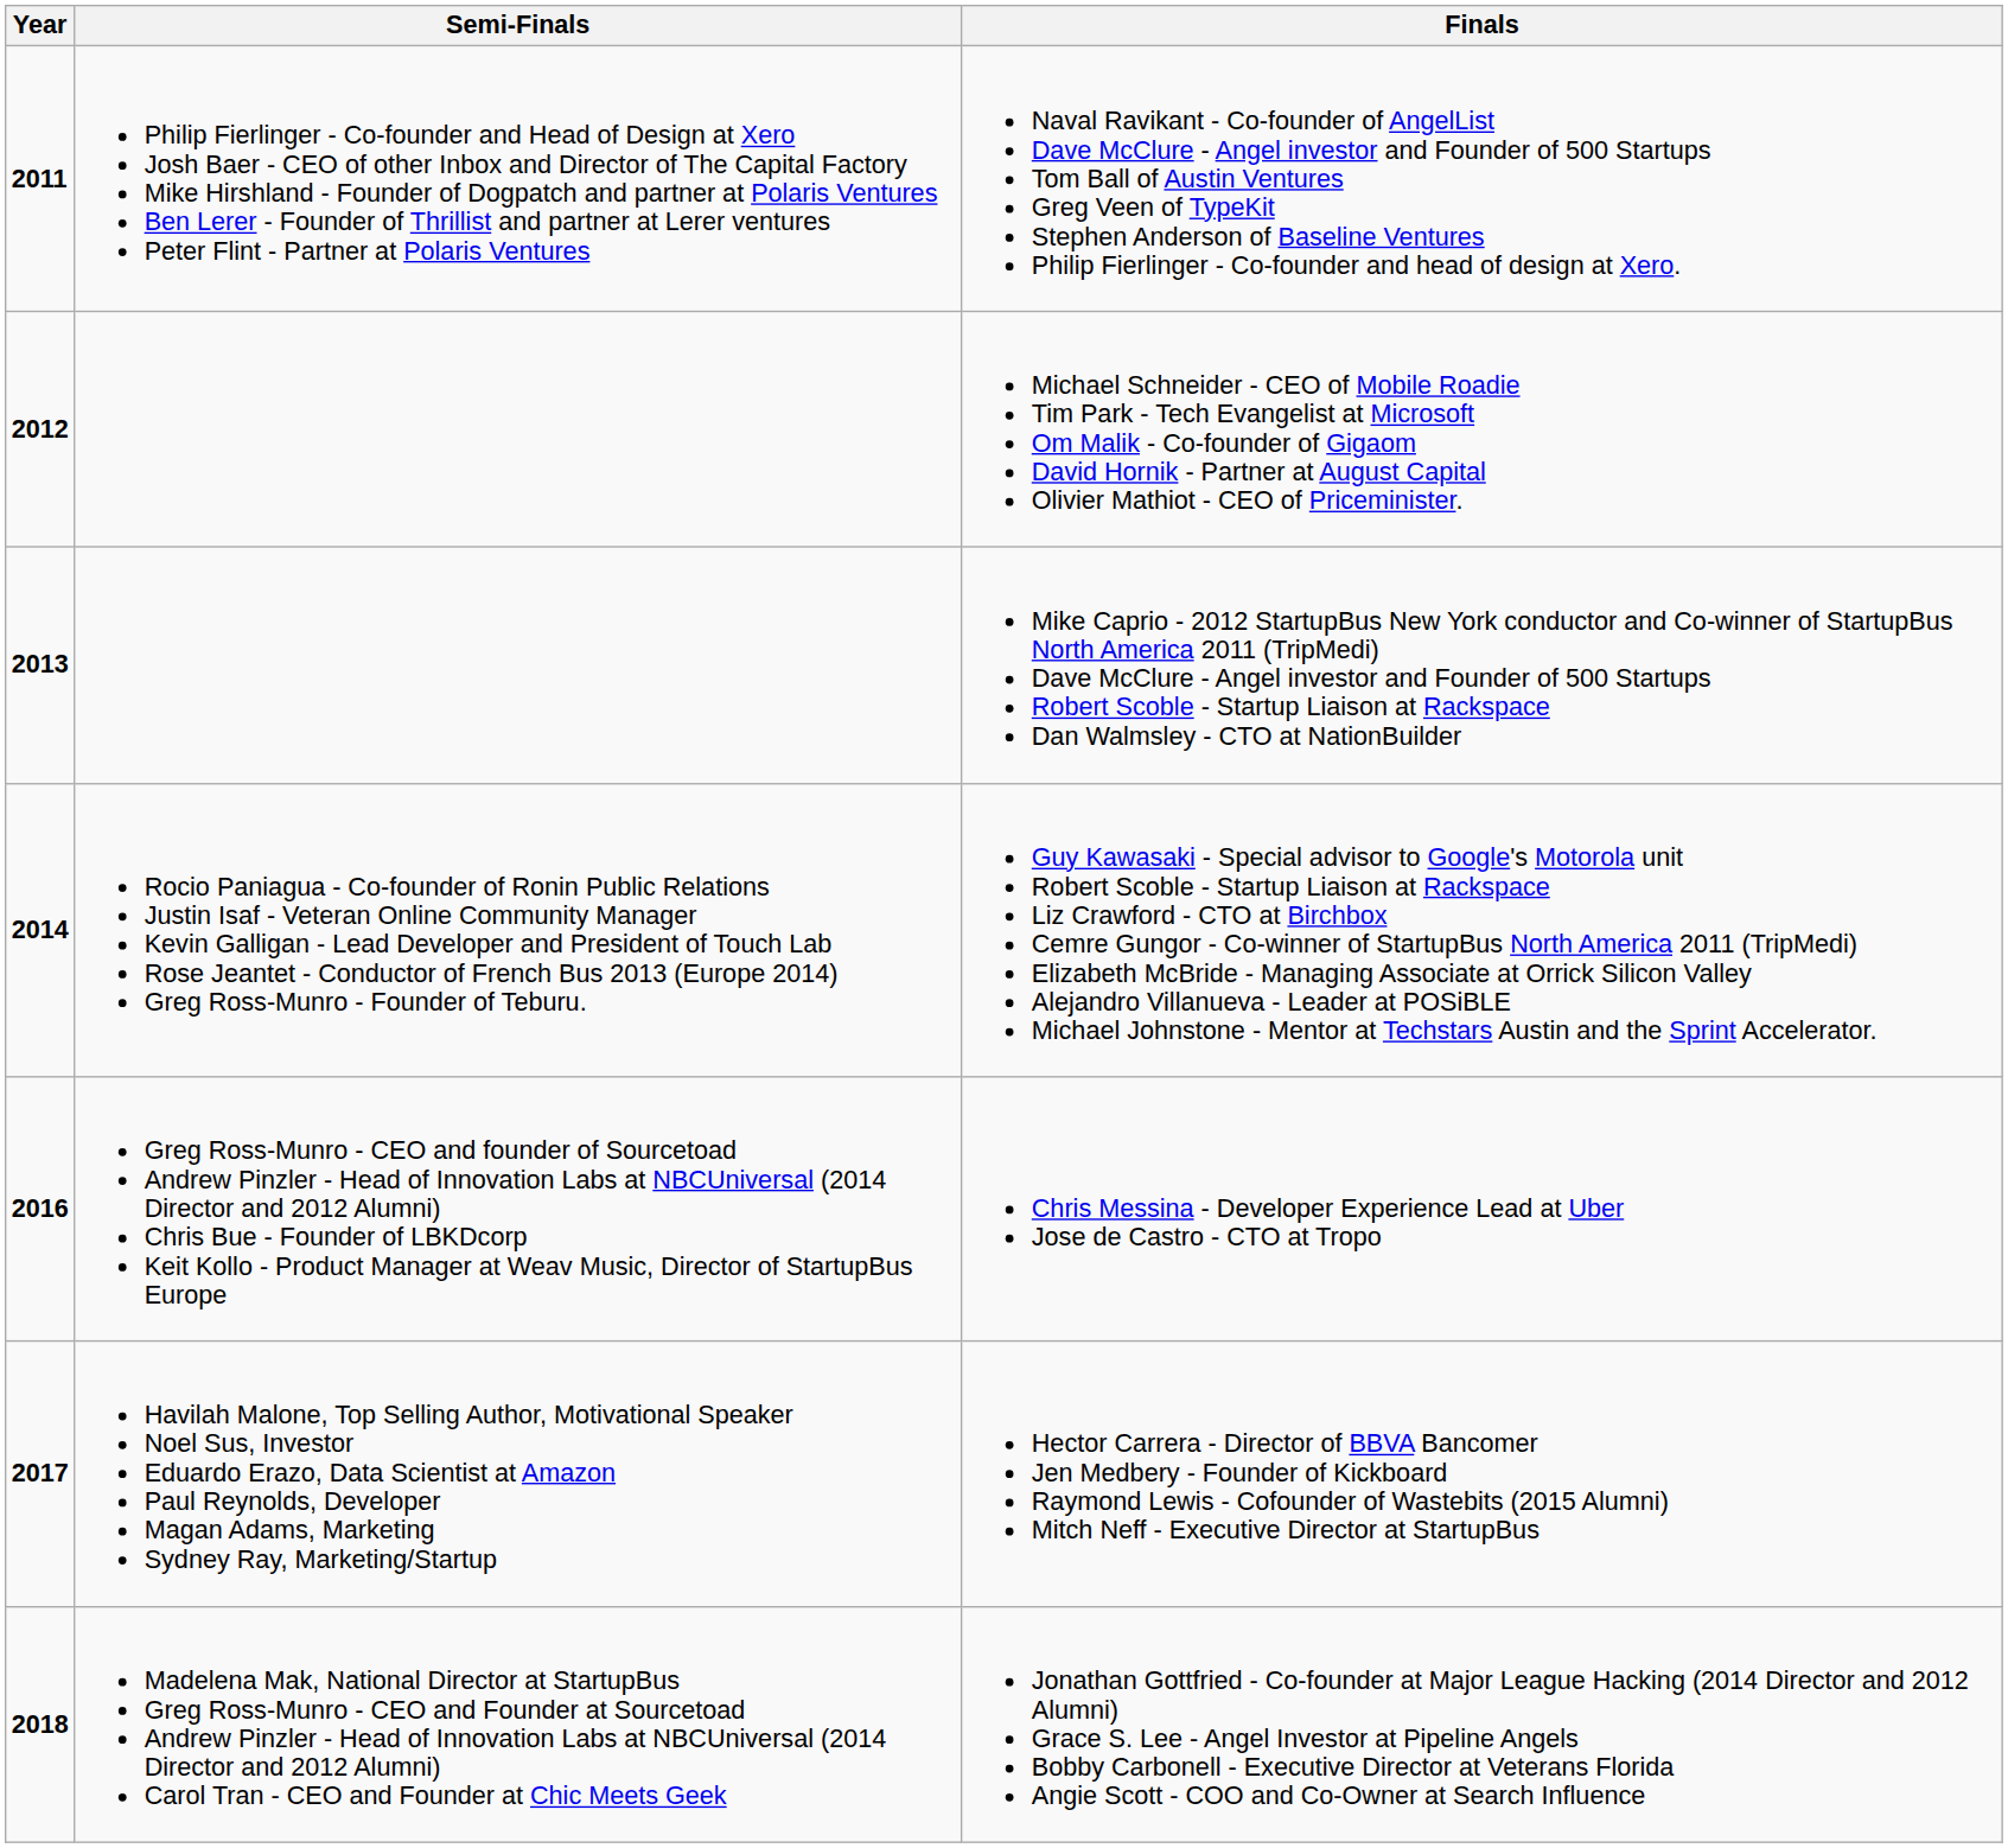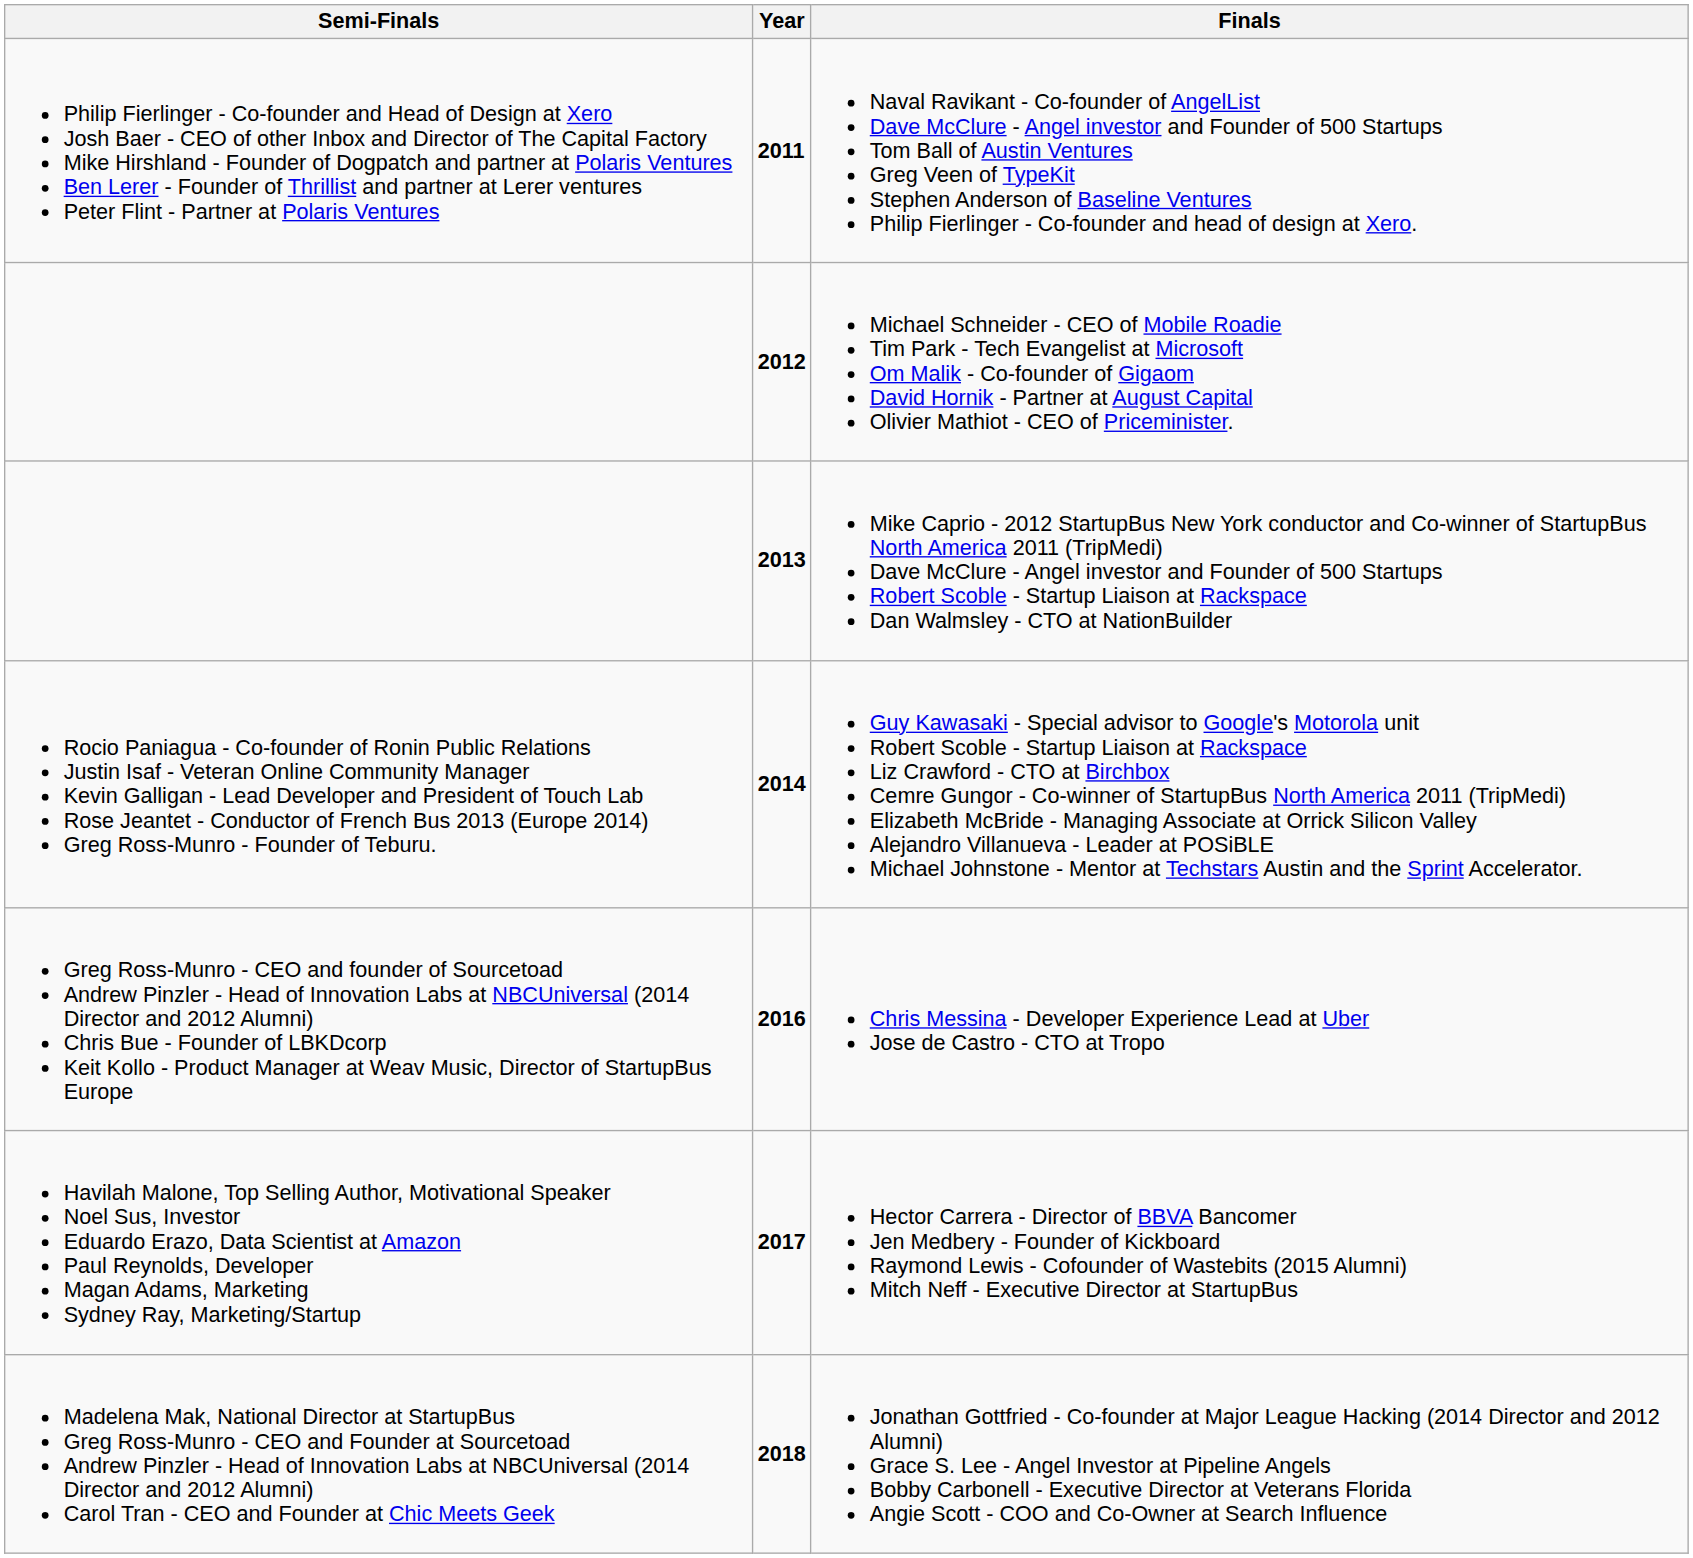 <table class="wikitable">
 <tr>
+<th>Semi-Finals</th>
 <th>Year</th>
-<th>Semi-Finals</th>
 <th>Finals</th>
 </tr>
 <tr>
+<td><br><ul><li>Philip Fierlinger - Co-founder and Head of Design at <a href='#'>Xero</a></li><li>Josh Baer - CEO of other Inbox and Director of The Capital Factory</li><li>Mike Hirshland - Founder of Dogpatch and partner at <a href='#'>Polaris Ventures</a></li><li><a href='#'>Ben Lerer</a> - Founder of <a href='#'>Thrillist</a> and partner at Lerer ventures</li><li>Peter Flint - Partner at <a href='#'>Polaris Ventures</a></li></ul></td>
 <td><strong>2011</strong></td>
-<td><br><ul><li>Philip Fierlinger - Co-founder and Head of Design at <a href='#'>Xero</a></li><li>Josh Baer - CEO of other Inbox and Director of The Capital Factory</li><li>Mike Hirshland - Founder of Dogpatch and partner at <a href='#'>Polaris Ventures</a></li><li><a href='#'>Ben Lerer</a> - Founder of <a href='#'>Thrillist</a> and partner at Lerer ventures</li><li>Peter Flint - Partner at <a href='#'>Polaris Ventures</a></li></ul></td>
 <td><br><ul><li>Naval Ravikant - Co-founder of <a href='#'>AngelList</a></li><li><a href='#'>Dave McClure</a> - <a href='#'>Angel investor</a> and Founder of 500 Startups</li><li>Tom Ball of <a href='#'>Austin Ventures</a></li><li>Greg Veen of <a href='#'>TypeKit</a></li><li>Stephen Anderson of <a href='#'>Baseline Ventures</a></li><li>Philip Fierlinger - Co-founder and head of design at <a href='#'>Xero</a>.</li></ul></td>
 </tr>
 <tr>
+<td></td>
 <td><strong>2012</strong></td>
-<td></td>
 <td><br><ul><li>Michael Schneider - CEO of <a href='#'>Mobile Roadie</a></li><li>Tim Park - Tech Evangelist at <a href='#'>Microsoft</a></li><li><a href='#'>Om Malik</a> - Co-founder of <a href='#'>Gigaom</a></li><li><a href='#'>David Hornik</a> - Partner at <a href='#'>August Capital</a></li><li>Olivier Mathiot - CEO of <a href='#'>Priceminister</a>.</li></ul></td>
 </tr>
 <tr>
+<td></td>
 <td><strong>2013</strong></td>
-<td></td>
 <td><br><ul><li>Mike Caprio - 2012 StartupBus New York conductor and Co-winner of StartupBus <a href='#'>North America</a> 2011 (TripMedi)</li><li>Dave McClure - Angel investor and Founder of 500 Startups</li><li><a href='#'>Robert Scoble</a> - Startup Liaison at <a href='#'>Rackspace</a></li><li>Dan Walmsley - CTO at NationBuilder</li></ul></td>
 </tr>
 <tr>
+<td><br><ul><li>Rocio Paniagua - Co-founder of Ronin Public Relations</li><li>Justin Isaf - Veteran Online Community Manager</li><li>Kevin Galligan - Lead Developer and President of Touch Lab</li><li>Rose Jeantet - Conductor of French Bus 2013 (Europe 2014)</li><li>Greg Ross-Munro - Founder of Teburu.</li></ul></td>
 <td><strong>2014</strong></td>
-<td><br><ul><li>Rocio Paniagua - Co-founder of Ronin Public Relations</li><li>Justin Isaf - Veteran Online Community Manager</li><li>Kevin Galligan - Lead Developer and President of Touch Lab</li><li>Rose Jeantet - Conductor of French Bus 2013 (Europe 2014)</li><li>Greg Ross-Munro - Founder of Teburu.</li></ul></td>
 <td><br><ul><li><a href='#'>Guy Kawasaki</a> - Special advisor to <a href='#'>Google</a>'s <a href='#'>Motorola</a> unit</li><li>Robert Scoble - Startup Liaison at <a href='#'>Rackspace</a></li><li>Liz Crawford - CTO at <a href='#'>Birchbox</a></li><li>Cemre Gungor - Co-winner of StartupBus <a href='#'>North America</a> 2011 (TripMedi)</li><li>Elizabeth McBride - Managing Associate at Orrick Silicon Valley</li><li>Alejandro Villanueva - Leader at POSiBLE</li><li>Michael Johnstone - Mentor at <a href='#'>Techstars</a> Austin and the <a href='#'>Sprint</a> Accelerator.</li></ul></td>
 </tr>
 <tr>
+<td><br><ul><li>Greg Ross-Munro - CEO and founder of Sourcetoad</li><li>Andrew Pinzler - Head of Innovation Labs at <a href='#'>NBCUniversal</a> (2014 Director and 2012 Alumni)</li><li>Chris Bue - Founder of LBKDcorp</li><li>Keit Kollo - Product Manager at Weav Music, Director of StartupBus Europe</li></ul></td>
 <td><strong>2016</strong></td>
-<td><br><ul><li>Greg Ross-Munro - CEO and founder of Sourcetoad</li><li>Andrew Pinzler - Head of Innovation Labs at <a href='#'>NBCUniversal</a> (2014 Director and 2012 Alumni)</li><li>Chris Bue - Founder of LBKDcorp</li><li>Keit Kollo - Product Manager at Weav Music, Director of StartupBus Europe</li></ul></td>
 <td><br><ul><li><a href='#'>Chris Messina</a> - Developer Experience Lead at <a href='#'>Uber</a></li><li>Jose de Castro - CTO at Tropo</li></ul></td>
 </tr>
 <tr>
+<td><br><ul><li>Havilah Malone, Top Selling Author, Motivational Speaker</li><li>Noel Sus, Investor</li><li>Eduardo Erazo, Data Scientist at <a href='#'>Amazon</a></li><li>Paul Reynolds, Developer</li><li>Magan Adams, Marketing</li><li>Sydney Ray, Marketing/Startup</li></ul></td>
 <td><strong>2017</strong></td>
-<td><br><ul><li>Havilah Malone, Top Selling Author, Motivational Speaker</li><li>Noel Sus, Investor</li><li>Eduardo Erazo, Data Scientist at <a href='#'>Amazon</a></li><li>Paul Reynolds, Developer</li><li>Magan Adams, Marketing</li><li>Sydney Ray, Marketing/Startup</li></ul></td>
 <td><br><ul><li>Hector Carrera - Director of <a href='#'>BBVA</a> Bancomer</li><li>Jen Medbery - Founder of Kickboard</li><li>Raymond Lewis - Cofounder of Wastebits (2015 Alumni)</li><li>Mitch Neff - Executive Director at StartupBus</li></ul></td>
 </tr>
 <tr>
+<td><br><ul><li>Madelena Mak, National Director at StartupBus</li><li>Greg Ross-Munro - CEO and Founder at Sourcetoad</li><li>Andrew Pinzler - Head of Innovation Labs at NBCUniversal (2014 Director and 2012 Alumni)</li><li>Carol Tran - CEO and Founder at <a href='#'>Chic Meets Geek</a></li></ul></td>
 <td><strong>2018</strong></td>
-<td><br><ul><li>Madelena Mak, National Director at StartupBus</li><li>Greg Ross-Munro - CEO and Founder at Sourcetoad</li><li>Andrew Pinzler - Head of Innovation Labs at NBCUniversal (2014 Director and 2012 Alumni)</li><li>Carol Tran - CEO and Founder at <a href='#'>Chic Meets Geek</a></li></ul></td>
 <td><br><ul><li>Jonathan Gottfried - Co-founder at Major League Hacking (2014 Director and 2012 Alumni)</li><li>Grace S. Lee - Angel Investor at Pipeline Angels</li><li>Bobby Carbonell - Executive Director at Veterans Florida</li><li>Angie Scott - COO and Co-Owner at Search Influence</li></ul></td>
 </tr>
 </table>
